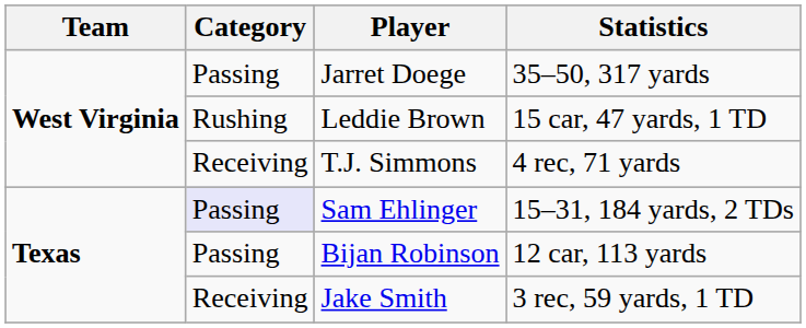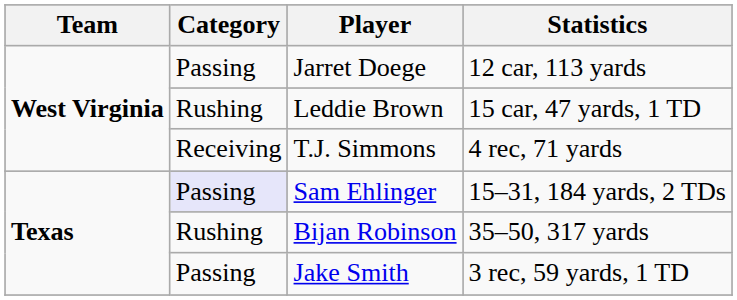 <table class="wikitable" style="float: right;">
 <tr>
 <th>Team</th>
 <th>Category</th>
 <th>Player</th>
 <th>Statistics</th>
 </tr>
 <tr>
 <td rowspan=3><strong>West Virginia</strong></td>
 <td>Passing</td>
 <td>Jarret Doege</td>
-<td>35–50, 317 yards</td>
+<td>12 car, 113 yards</td>
 </tr>
 <tr>
 <td>Rushing</td>
 <td>Leddie Brown</td>
 <td>15 car, 47 yards, 1 TD</td>
 </tr>
 <tr>
 <td>Receiving</td>
 <td>T.J. Simmons</td>
 <td>4 rec, 71 yards</td>
 </tr>
 <tr>
 <td rowspan=3><strong>Texas</strong></td>
 <td style="background: lavender;">Passing</td>
 <td><a href='#'>Sam Ehlinger</a></td>
 <td>15–31, 184 yards, 2 TDs</td>
 </tr>
 <tr>
-<td>Passing</td>
+<td>Rushing</td>
 <td><a href='#'>Bijan Robinson</a></td>
-<td>12 car, 113 yards</td>
+<td>35–50, 317 yards</td>
 </tr>
 <tr>
-<td>Receiving</td>
+<td>Passing</td>
 <td><a href='#'>Jake Smith</a></td>
 <td>3 rec, 59 yards, 1 TD</td>
 </tr>
 </table>
